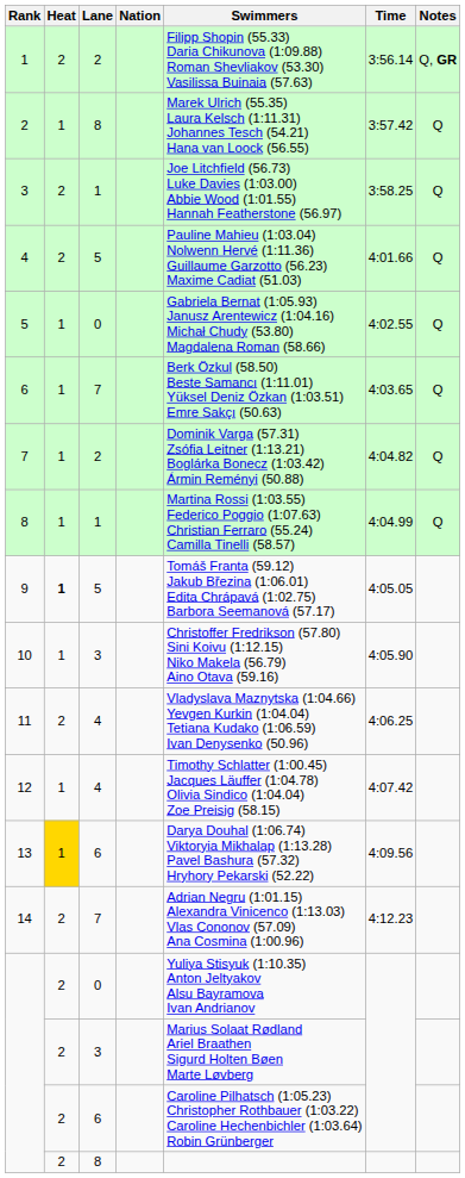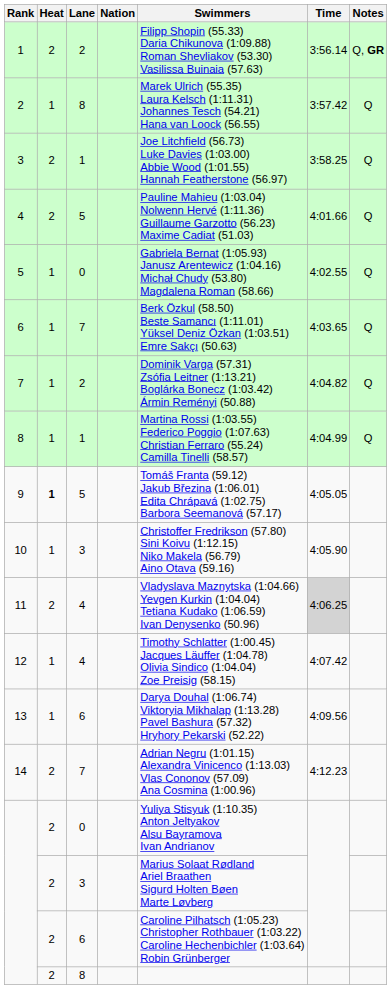 <table class="wikitable sortable" style="text-align:center">
 <tr>
 <th>Rank</th>
 <th>Heat</th>
 <th>Lane</th>
 <th>Nation</th>
 <th>Swimmers</th>
 <th>Time</th>
 <th>Notes</th>
 </tr>
 <tr bgcolor=ccffcc>
 <td>1</td>
 <td>2</td>
 <td>2</td>
 <td align=left></td>
 <td align= left><a href='#'>Filipp Shopin</a> (55.33)<br><a href='#'>Daria Chikunova</a> (1:09.88)<br><a href='#'>Roman Shevliakov</a> (53.30)<br><a href='#'>Vasilissa Buinaia</a> (57.63)</td>
 <td>3:56.14</td>
 <td>Q, <strong>GR</strong></td>
 </tr>
 <tr bgcolor=ccffcc>
 <td>2</td>
 <td>1</td>
 <td>8</td>
 <td align=left></td>
 <td align=left><a href='#'>Marek Ulrich</a> (55.35)<br><a href='#'>Laura Kelsch</a> (1:11.31)<br><a href='#'>Johannes Tesch</a> (54.21)<br><a href='#'>Hana van Loock</a> (56.55)</td>
 <td>3:57.42</td>
 <td>Q</td>
 </tr>
 <tr bgcolor=ccffcc>
 <td>3</td>
 <td>2</td>
 <td>1</td>
 <td align=left></td>
 <td align=left><a href='#'>Joe Litchfield</a> (56.73)<br><a href='#'>Luke Davies</a> (1:03.00)<br><a href='#'>Abbie Wood</a> (1:01.55)<br><a href='#'>Hannah Featherstone</a> (56.97)</td>
 <td>3:58.25</td>
 <td>Q</td>
 </tr>
 <tr bgcolor=ccffcc>
 <td>4</td>
 <td>2</td>
 <td>5</td>
 <td align=left></td>
 <td align=left><a href='#'>Pauline Mahieu</a> (1:03.04)<br><a href='#'>Nolwenn Hervé</a> (1:11.36)<br><a href='#'>Guillaume Garzotto</a> (56.23)<br><a href='#'>Maxime Cadiat</a> (51.03)</td>
 <td>4:01.66</td>
 <td>Q</td>
 </tr>
 <tr bgcolor=ccffcc>
 <td>5</td>
 <td>1</td>
 <td>0</td>
 <td align=left></td>
 <td align=left><a href='#'>Gabriela Bernat</a> (1:05.93)<br><a href='#'>Janusz Arentewicz</a> (1:04.16)<br><a href='#'>Michał Chudy</a> (53.80)<br><a href='#'>Magdalena Roman</a> (58.66)</td>
 <td>4:02.55</td>
 <td>Q</td>
 </tr>
 <tr bgcolor=ccffcc>
 <td>6</td>
 <td>1</td>
 <td>7</td>
 <td align=left></td>
 <td align=left><a href='#'>Berk Özkul</a> (58.50)<br><a href='#'>Beste Samancı</a> (1:11.01)<br><a href='#'>Yüksel Deniz Özkan</a> (1:03.51)<br><a href='#'>Emre Sakçı</a> (50.63)</td>
 <td>4:03.65</td>
 <td>Q</td>
 </tr>
 <tr bgcolor=ccffcc>
 <td>7</td>
 <td>1</td>
 <td>2</td>
 <td align=left></td>
 <td align=left><a href='#'>Dominik Varga</a> (57.31)<br><a href='#'>Zsófia Leitner</a> (1:13.21)<br><a href='#'>Boglárka Bonecz</a> (1:03.42)<br><a href='#'>Ármin Reményi</a> (50.88)</td>
 <td>4:04.82</td>
 <td>Q</td>
 </tr>
 <tr bgcolor=ccffcc>
 <td>8</td>
 <td>1</td>
 <td>1</td>
 <td align=left></td>
 <td align=left><a href='#'>Martina Rossi</a> (1:03.55)<br><a href='#'>Federico Poggio</a> (1:07.63)<br><a href='#'>Christian Ferraro</a> (55.24)<br><a href='#'>Camilla Tinelli</a> (58.57)</td>
 <td>4:04.99</td>
 <td>Q</td>
 </tr>
 <tr>
 <td>9</td>
 <td><strong>1</strong></td>
 <td>5</td>
 <td align=left></td>
 <td align=left><a href='#'>Tomáš Franta</a> (59.12)<br><a href='#'>Jakub Březina</a> (1:06.01)<br><a href='#'>Edita Chrápavá</a> (1:02.75)<br><a href='#'>Barbora Seemanová</a> (57.17)</td>
 <td>4:05.05</td>
 <td></td>
 </tr>
 <tr>
 <td>10</td>
 <td>1</td>
 <td>3</td>
 <td align=left></td>
 <td align=left><a href='#'>Christoffer Fredrikson</a> (57.80)<br><a href='#'>Sini Koivu</a> (1:12.15)<br><a href='#'>Niko Makela</a> (56.79)<br><a href='#'>Aino Otava</a> (59.16)</td>
 <td>4:05.90</td>
 <td></td>
 </tr>
 <tr>
 <td>11</td>
 <td>2</td>
 <td>4</td>
 <td align=left></td>
 <td align=left><a href='#'>Vladyslava Maznytska</a> (1:04.66)<br><a href='#'>Yevgen Kurkin</a> (1:04.04)<br><a href='#'>Tetiana Kudako</a> (1:06.59)<br><a href='#'>Ivan Denysenko</a> (50.96)</td>
-<td>4:06.25</td>
+<td style="background: lightgrey;">4:06.25</td>
 <td></td>
 </tr>
 <tr>
 <td>12</td>
 <td>1</td>
 <td>4</td>
 <td align=left></td>
 <td align=left><a href='#'>Timothy Schlatter</a> (1:00.45)<br><a href='#'>Jacques Läuffer</a> (1:04.78)<br><a href='#'>Olivia Sindico</a> (1:04.04)<br><a href='#'>Zoe Preisig</a> (58.15)</td>
 <td>4:07.42</td>
 <td></td>
 </tr>
 <tr>
 <td>13</td>
-<td style="background: gold;">1</td>
+<td>1</td>
 <td>6</td>
 <td align=left></td>
 <td align=left><a href='#'>Darya Douhal</a> (1:06.74)<br><a href='#'>Viktoryia Mikhalap</a> (1:13.28)<br><a href='#'>Pavel Bashura</a> (57.32)<br><a href='#'>Hryhory Pekarski</a> (52.22)</td>
 <td>4:09.56</td>
 <td></td>
 </tr>
 <tr>
 <td>14</td>
 <td>2</td>
 <td>7</td>
 <td align=left></td>
 <td align=left><a href='#'>Adrian Negru</a> (1:01.15)<br><a href='#'>Alexandra Vinicenco</a> (1:13.03)<br><a href='#'>Vlas Cononov</a> (57.09)<br><a href='#'>Ana Cosmina</a> (1:00.96)</td>
 <td>4:12.23</td>
 <td></td>
 </tr>
 <tr>
 <td rowspan=4></td>
 <td>2</td>
 <td>0</td>
 <td align=left></td>
 <td align=left><a href='#'>Yuliya Stisyuk</a> (1:10.35)<br><a href='#'>Anton Jeltyakov</a><br><a href='#'>Alsu Bayramova</a><br><a href='#'>Ivan Andrianov</a></td>
 <td rowspan=3></td>
 <td></td>
 </tr>
 <tr>
 <td>2</td>
 <td>3</td>
 <td align=left></td>
 <td align=left><a href='#'>Marius Solaat Rødland</a><br><a href='#'>Ariel Braathen</a><br><a href='#'>Sigurd Holten Bøen</a><br><a href='#'>Marte Løvberg</a></td>
 <td></td>
 </tr>
 <tr>
 <td>2</td>
 <td>6</td>
 <td align=left></td>
 <td align=left><a href='#'>Caroline Pilhatsch</a> (1:05.23)<br><a href='#'>Christopher Rothbauer</a> (1:03.22)<br><a href='#'>Caroline Hechenbichler</a> (1:03.64)<br><a href='#'>Robin Grünberger</a></td>
 <td></td>
 </tr>
 <tr>
 <td>2</td>
 <td>8</td>
 <td align=left></td>
 <td align=left></td>
 <td></td>
 <td></td>
 </tr>
 </table>
